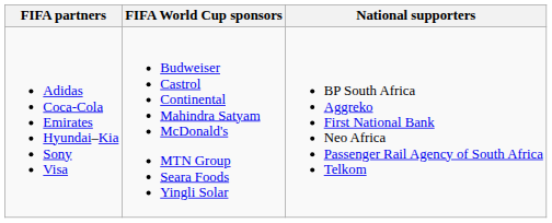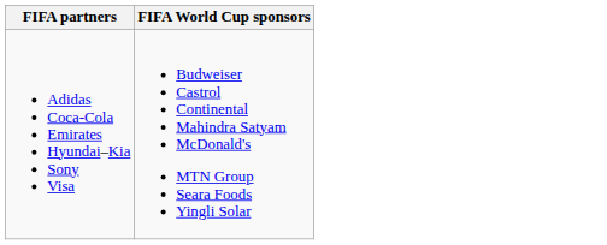 <table class="wikitable">
 <tr>
 <th>FIFA partners</th>
 <th>FIFA World Cup sponsors</th>
-<th>National supporters</th>
 </tr>
 <tr>
 <td><br><ul><li><a href='#'>Adidas</a></li><li><a href='#'>Coca-Cola</a></li><li><a href='#'>Emirates</a></li><li><a href='#'>Hyundai</a>–<a href='#'>Kia</a></li><li><a href='#'>Sony</a></li><li><a href='#'>Visa</a></li></ul></td>
 <td><br> <ul><li><a href='#'>Budweiser</a></li><li><a href='#'>Castrol</a></li><li><a href='#'>Continental</a></li><li><a href='#'>Mahindra Satyam</a></li><li><a href='#'>McDonald's</a></li></ul><ul><li><a href='#'>MTN Group</a></li><li><a href='#'>Seara Foods</a></li><li><a href='#'>Yingli Solar</a></li></ul></td>
-<td><br><ul><li>BP South Africa</li><li><a href='#'>Aggreko</a></li><li><a href='#'>First National Bank</a></li><li>Neo Africa</li><li><a href='#'>Passenger Rail Agency of South Africa</a></li><li><a href='#'>Telkom</a></li></ul></td>
 </tr>
 </table>
